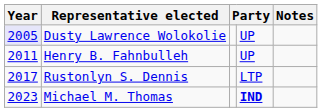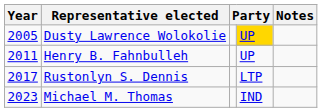 <table class="wikitable">
 <tr>
 <th>Year</th>
 <th>Representative elected</th>
 <th colspan=2>Party</th>
 <th>Notes</th>
 </tr>
 <tr>
-<td style="background: lavender;"><a href='#'>2005</a></td>
+<td><a href='#'>2005</a></td>
 <td><a href='#'>Dusty Lawrence Wolokolie</a></td>
 <td></td>
-<td><a href='#'>UP</a></td>
+<td style="background: gold;"><a href='#'>UP</a></td>
 <td></td>
 </tr>
 <tr>
 <td><a href='#'>2011</a></td>
 <td><a href='#'>Henry B. Fahnbulleh</a></td>
 <td></td>
 <td><a href='#'>UP</a></td>
 <td></td>
 </tr>
 <tr>
 <td><a href='#'>2017</a></td>
 <td><a href='#'>Rustonlyn S. Dennis</a></td>
 <td></td>
 <td><a href='#'>LTP</a></td>
 <td></td>
 </tr>
 <tr>
 <td><a href='#'>2023</a></td>
 <td><a href='#'>Michael M. Thomas</a></td>
 <td></td>
-<td><strong><a href='#'>IND</a></strong></td>
+<td><a href='#'>IND</a></td>
 <td></td>
 </tr>
 </table>
